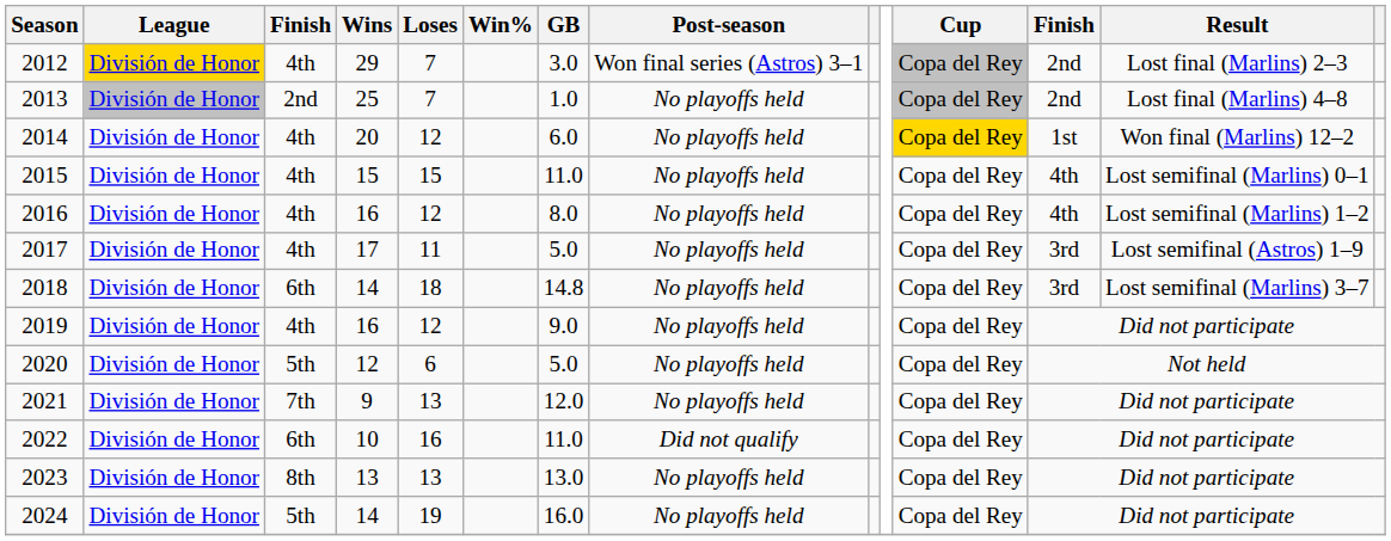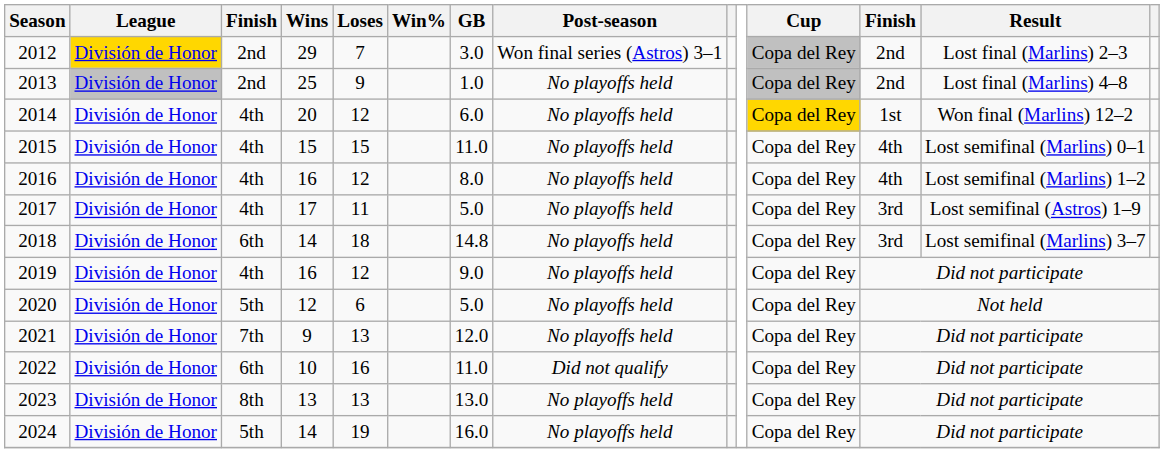 <table class="wikitable" style="text-align:center; font-size:90%">
 <tr>
 <th>Season</th>
 <th>League</th>
 <th>Finish</th>
 <th>Wins</th>
 <th>Loses</th>
 <th>Win%</th>
 <th>GB</th>
 <th>Post-season</th>
 <th></th>
 <th style="background:white; width:1%;" rowspan="14"></th>
 <th>Cup</th>
 <th>Finish</th>
 <th>Result</th>
 <th></th>
 </tr>
 <tr>
 <td>2012</td>
 <td style="background:gold"><a href='#'>División de Honor</a></td>
-<td>4th</td>
+<td>2nd</td>
 <td>29</td>
 <td>7</td>
 <td></td>
 <td>3.0</td>
 <td>Won final series (<a href='#'>Astros</a>) 3–1</td>
 <td></td>
 <td style="background:silver">Copa del Rey</td>
 <td>2nd</td>
 <td>Lost final (<a href='#'>Marlins</a>) 2–3</td>
 <td></td>
 </tr>
 <tr>
 <td>2013</td>
 <td style="background:silver"><a href='#'>División de Honor</a></td>
 <td>2nd</td>
 <td>25</td>
-<td>7</td>
+<td>9</td>
 <td></td>
 <td>1.0</td>
 <td><em>No playoffs held</em></td>
 <td></td>
 <td style="background:silver">Copa del Rey</td>
 <td>2nd</td>
 <td>Lost final (<a href='#'>Marlins</a>) 4–8</td>
 <td></td>
 </tr>
 <tr>
 <td>2014</td>
 <td><a href='#'>División de Honor</a></td>
 <td>4th</td>
 <td>20</td>
 <td>12</td>
 <td></td>
 <td>6.0</td>
 <td><em>No playoffs held</em></td>
 <td></td>
 <td style="background:gold">Copa del Rey</td>
 <td>1st</td>
 <td>Won final (<a href='#'>Marlins</a>) 12–2</td>
 <td></td>
 </tr>
 <tr>
 <td>2015</td>
 <td><a href='#'>División de Honor</a></td>
 <td>4th</td>
 <td>15</td>
 <td>15</td>
 <td></td>
 <td>11.0</td>
 <td><em>No playoffs held</em></td>
 <td></td>
 <td>Copa del Rey</td>
 <td>4th</td>
 <td>Lost semifinal (<a href='#'>Marlins</a>) 0–1</td>
 <td></td>
 </tr>
 <tr>
 <td>2016</td>
 <td><a href='#'>División de Honor</a></td>
 <td>4th</td>
 <td>16</td>
 <td>12</td>
 <td></td>
 <td>8.0</td>
 <td><em>No playoffs held</em></td>
 <td></td>
 <td>Copa del Rey</td>
 <td>4th</td>
 <td>Lost semifinal (<a href='#'>Marlins</a>) 1–2</td>
 <td></td>
 </tr>
 <tr>
 <td>2017</td>
 <td><a href='#'>División de Honor</a></td>
 <td>4th</td>
 <td>17</td>
 <td>11</td>
 <td></td>
 <td>5.0</td>
 <td><em>No playoffs held</em></td>
 <td></td>
 <td>Copa del Rey</td>
 <td>3rd</td>
 <td>Lost semifinal (<a href='#'>Astros</a>) 1–9</td>
 <td></td>
 </tr>
 <tr>
 <td>2018</td>
 <td><a href='#'>División de Honor</a></td>
 <td>6th</td>
 <td>14</td>
 <td>18</td>
 <td></td>
 <td>14.8</td>
 <td><em>No playoffs held</em></td>
 <td></td>
 <td>Copa del Rey</td>
 <td>3rd</td>
 <td>Lost semifinal (<a href='#'>Marlins</a>) 3–7</td>
 <td></td>
 </tr>
 <tr>
 <td>2019</td>
 <td><a href='#'>División de Honor</a></td>
 <td>4th</td>
 <td>16</td>
 <td>12</td>
 <td></td>
 <td>9.0</td>
 <td><em>No playoffs held</em></td>
 <td></td>
 <td>Copa del Rey</td>
 <td colspan=3><em>Did not participate</em></td>
 </tr>
 <tr>
 <td>2020</td>
 <td><a href='#'>División de Honor</a></td>
 <td>5th</td>
 <td>12</td>
 <td>6</td>
 <td></td>
 <td>5.0</td>
 <td><em>No playoffs held</em></td>
 <td></td>
 <td>Copa del Rey</td>
 <td colspan=3><em>Not held</em></td>
 </tr>
 <tr>
 <td>2021</td>
 <td><a href='#'>División de Honor</a></td>
 <td>7th</td>
 <td>9</td>
 <td>13</td>
 <td></td>
 <td>12.0</td>
 <td><em>No playoffs held</em></td>
 <td></td>
 <td>Copa del Rey</td>
 <td colspan=3><em>Did not participate</em></td>
 </tr>
 <tr>
 <td>2022</td>
 <td><a href='#'>División de Honor</a></td>
 <td>6th</td>
 <td>10</td>
 <td>16</td>
 <td></td>
 <td>11.0</td>
 <td><em>Did not qualify</em></td>
 <td></td>
 <td>Copa del Rey</td>
 <td colspan=3><em>Did not participate</em></td>
 </tr>
 <tr>
 <td>2023</td>
 <td><a href='#'>División de Honor</a></td>
 <td>8th</td>
 <td>13</td>
 <td>13</td>
 <td></td>
 <td>13.0</td>
 <td><em>No playoffs held</em></td>
 <td></td>
 <td>Copa del Rey</td>
 <td colspan=3><em>Did not participate</em></td>
 </tr>
 <tr>
 <td>2024</td>
 <td><a href='#'>División de Honor</a></td>
 <td>5th</td>
 <td>14</td>
 <td>19</td>
 <td></td>
 <td>16.0</td>
 <td><em>No playoffs held</em></td>
 <td></td>
 <td>Copa del Rey</td>
 <td colspan=3><em>Did not participate</em></td>
 </tr>
 <tr>
 </tr>
 </table>
